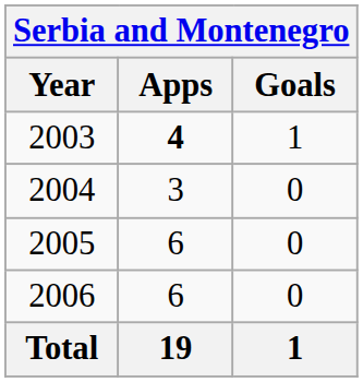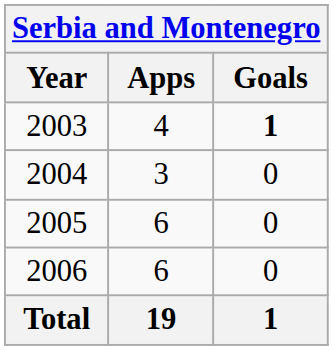 <table class="wikitable" style="text-align:center">
 <tr>
 <th colspan=3><a href='#'>Serbia and Montenegro</a></th>
 </tr>
 <tr>
 <th>Year</th>
 <th>Apps</th>
 <th>Goals</th>
 </tr>
 <tr>
 <td>2003</td>
-<td><strong>4</strong></td>
-<td>1</td>
+<td>4</td>
+<td><strong>1</strong></td>
 </tr>
 <tr>
 <td>2004</td>
 <td>3</td>
 <td>0</td>
 </tr>
 <tr>
 <td>2005</td>
 <td>6</td>
 <td>0</td>
 </tr>
 <tr>
 <td>2006</td>
 <td>6</td>
 <td>0</td>
 </tr>
 <tr>
 <th>Total</th>
 <th>19</th>
 <th>1</th>
 </tr>
 </table>
